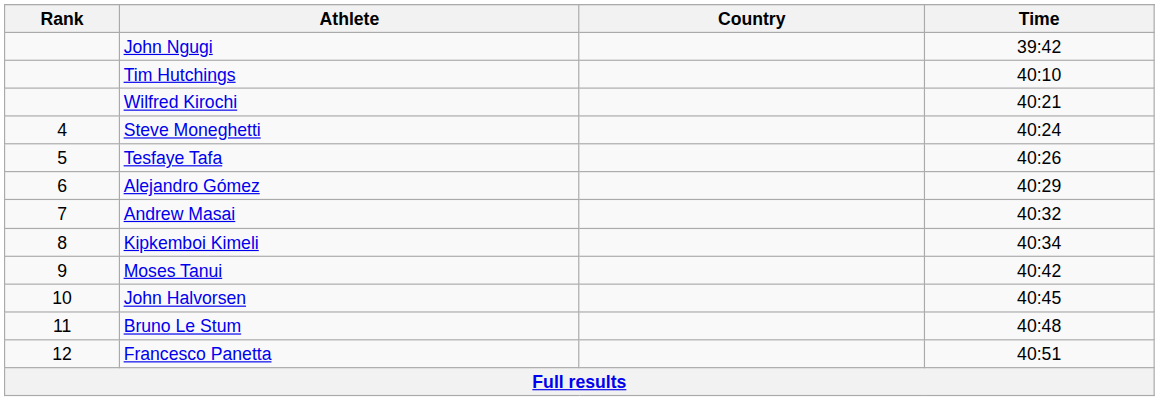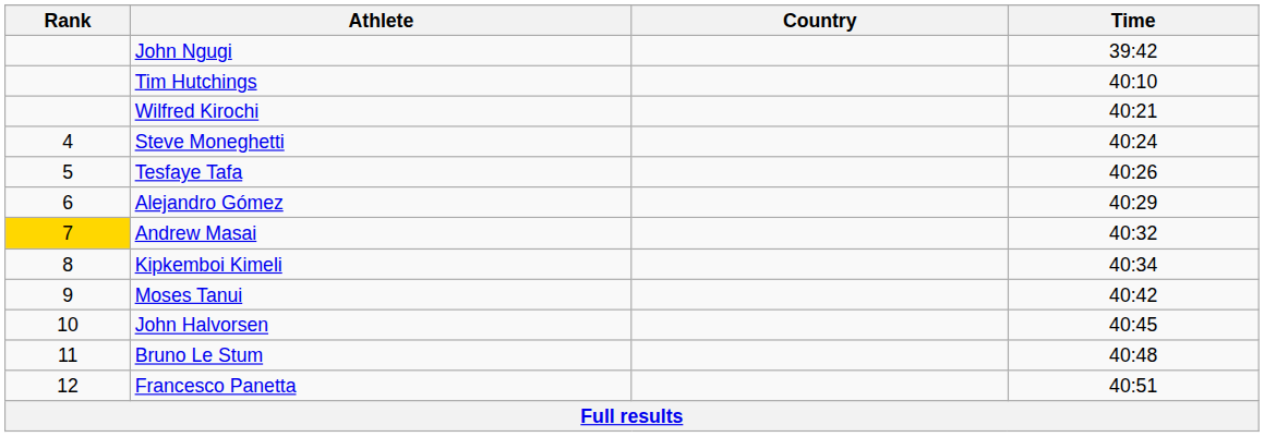 <table class="wikitable sortable" style=" text-align:center; font-size:95%;" width="50%">
 <tr>
 </tr>
 <tr>
 <th width=5%>Rank</th>
 <th width=20%>Athlete</th>
 <th width=15%>Country</th>
 <th width=10%>Time</th>
 </tr>
 <tr>
 <td align=center></td>
 <td align=left><a href='#'>John Ngugi</a></td>
 <td align=left></td>
 <td>39:42</td>
 </tr>
 <tr>
 <td align=center></td>
 <td align=left><a href='#'>Tim Hutchings</a></td>
 <td align=left></td>
 <td>40:10</td>
 </tr>
 <tr>
 <td align=center></td>
 <td align=left><a href='#'>Wilfred Kirochi</a></td>
 <td align=left></td>
 <td>40:21</td>
 </tr>
 <tr>
 <td align=center>4</td>
 <td align=left><a href='#'>Steve Moneghetti</a></td>
 <td align=left></td>
 <td>40:24</td>
 </tr>
 <tr>
 <td align=center>5</td>
 <td align=left><a href='#'>Tesfaye Tafa</a></td>
 <td align=left></td>
 <td>40:26</td>
 </tr>
 <tr>
 <td align=center>6</td>
 <td align=left><a href='#'>Alejandro Gómez</a></td>
 <td align=left></td>
 <td>40:29</td>
 </tr>
 <tr>
-<td align=center>7</td>
+<td align=center style="background: gold;">7</td>
 <td align=left><a href='#'>Andrew Masai</a></td>
 <td align=left></td>
 <td>40:32</td>
 </tr>
 <tr>
 <td align=center>8</td>
 <td align=left><a href='#'>Kipkemboi Kimeli</a></td>
 <td align=left></td>
 <td>40:34</td>
 </tr>
 <tr>
 <td align=center>9</td>
 <td align=left><a href='#'>Moses Tanui</a></td>
 <td align=left></td>
 <td>40:42</td>
 </tr>
 <tr>
 <td align=center>10</td>
 <td align=left><a href='#'>John Halvorsen</a></td>
 <td align=left></td>
 <td>40:45</td>
 </tr>
 <tr>
 <td align=center>11</td>
 <td align=left><a href='#'>Bruno Le Stum</a></td>
 <td align=left></td>
 <td>40:48</td>
 </tr>
 <tr>
 <td align=center>12</td>
 <td align=left><a href='#'>Francesco Panetta</a></td>
 <td align=left></td>
 <td>40:51</td>
 </tr>
 <tr class="sortbottom">
 <th colspan=4 align=center><a href='#'>Full results</a></th>
 </tr>
 </table>
